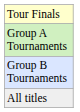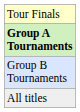 <table class="wikitable" style="font-size:90%;" width=14%>
 <tr bgcolor="#ffffcc">
 <td>Tour Finals</td>
 </tr>
 <tr style="background:#d0f0c0;">
-<td>Group A Tournaments</td>
+<td><strong>Group A Tournaments</strong></td>
 </tr>
 <tr style="background:#DAE6FF;">
 <td>Group B Tournaments</td>
 </tr>
 <tr style="background:#efefef;">
 <td>All titles</td>
 </tr>
 </table>
